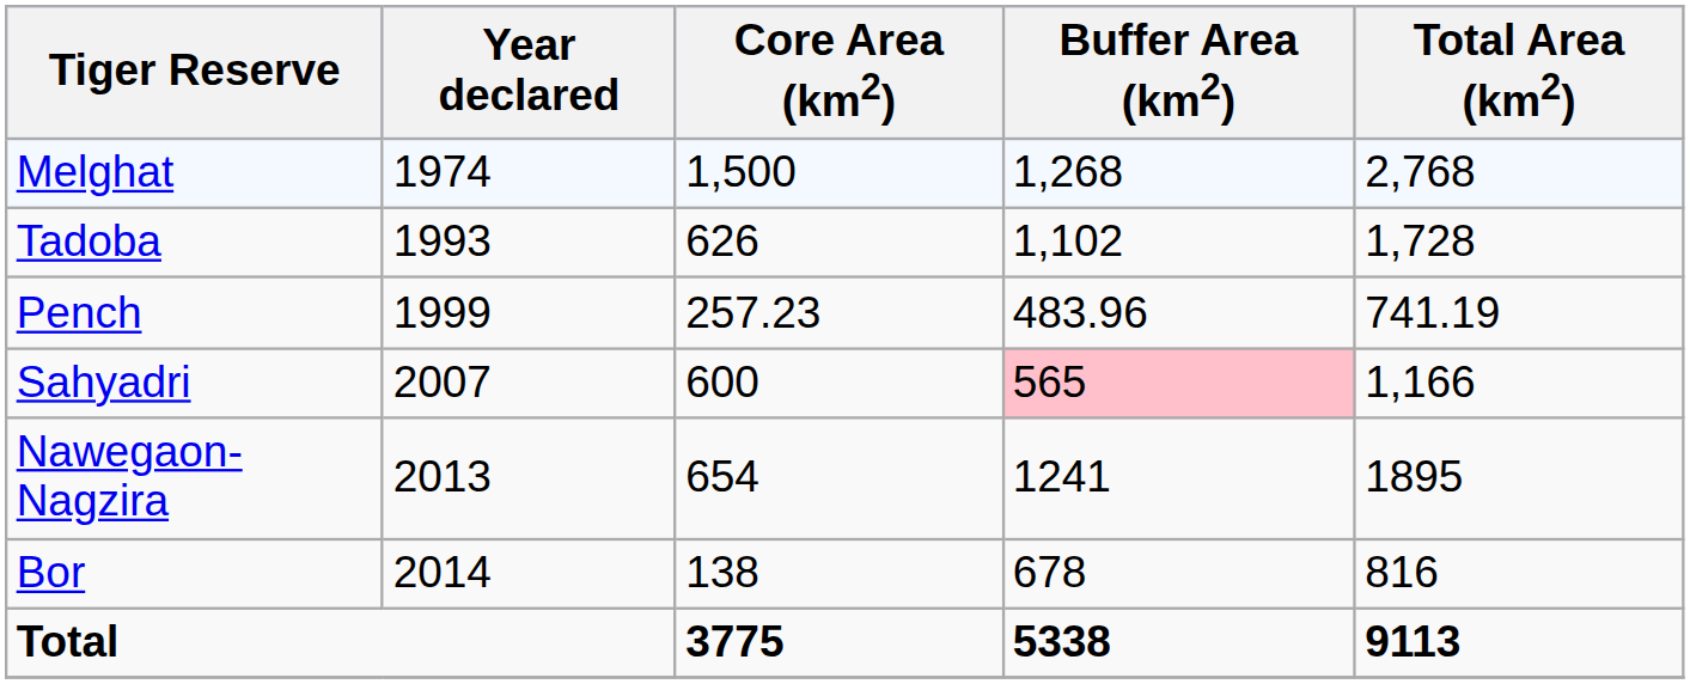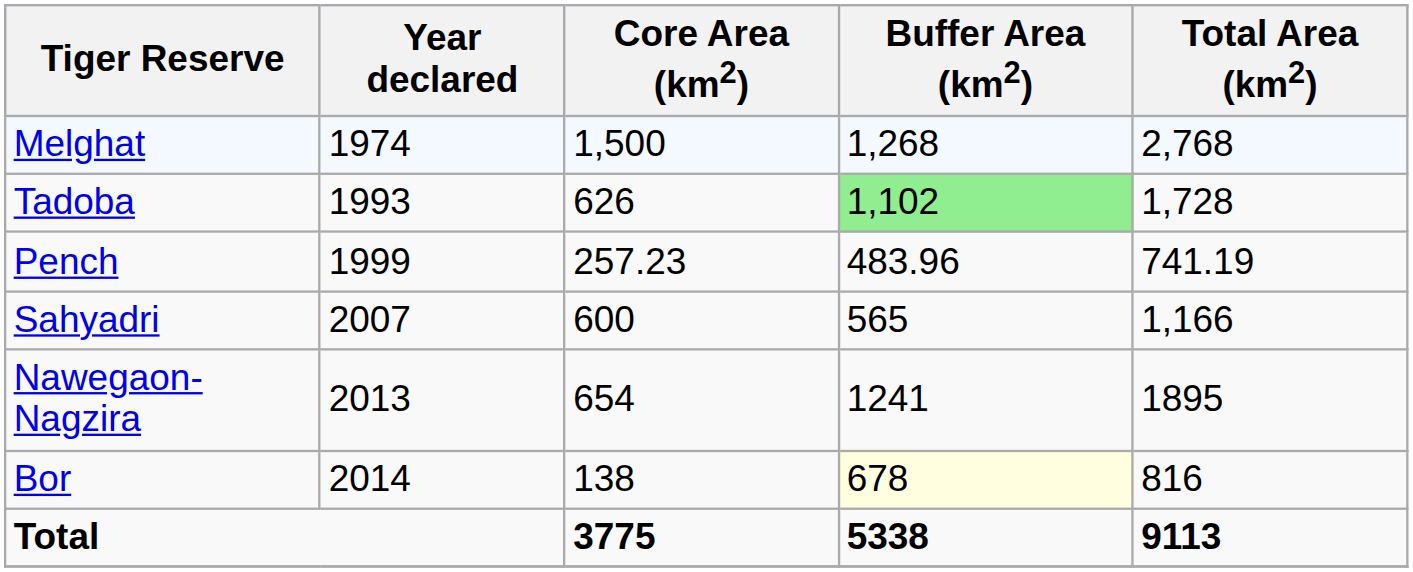 <table class="wikitable plainrowheaders" summary="The first column is the name of the reserve, the second the year declared, the third the core area of the reserve, the fourth the total area, all in square kilometers; the last row is the total area of all the reserves for the core, buffer and total areas">
 <tr bgcolor=#99ccff>
 <th>Tiger Reserve</th>
 <th>Year declared</th>
 <th>Core Area (km<sup>2</sup>)</th>
 <th>Buffer Area (km<sup>2</sup>)</th>
 <th>Total Area (km<sup>2</sup>)</th>
 </tr>
 <tr bgcolor=#F4F9FF>
 <td><a href='#'>Melghat</a></td>
 <td>1974</td>
 <td>1,500</td>
 <td>1,268</td>
 <td>2,768</td>
 </tr>
 <tr>
 <td><a href='#'>Tadoba</a></td>
 <td>1993</td>
 <td>626</td>
-<td>1,102</td>
+<td style="background: lightgreen;">1,102</td>
 <td>1,728</td>
 </tr>
 <tr>
 <td><a href='#'>Pench</a></td>
 <td>1999</td>
 <td>257.23</td>
 <td>483.96</td>
 <td>741.19</td>
 </tr>
 <tr>
 <td><a href='#'>Sahyadri</a></td>
 <td>2007</td>
 <td>600</td>
-<td style="background: pink;">565</td>
+<td>565</td>
 <td>1,166</td>
 </tr>
 <tr>
 <td><a href='#'>Nawegaon-Nagzira</a></td>
 <td>2013</td>
 <td>654</td>
 <td>1241</td>
 <td>1895</td>
 </tr>
 <tr>
 <td><a href='#'>Bor</a></td>
 <td>2014</td>
 <td>138</td>
-<td>678</td>
+<td style="background: lightyellow;">678</td>
 <td>816</td>
 </tr>
 <tr>
 <td colspan="2"><strong>Total</strong></td>
 <td><strong>3775</strong></td>
 <td><strong>5338</strong></td>
 <td><strong>9113</strong></td>
 </tr>
 <tr>
 </tr>
 </table>
